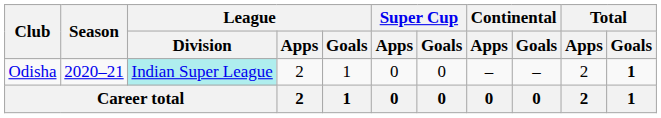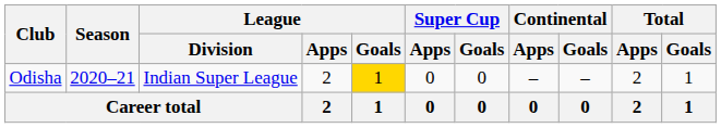 <table class="wikitable" style="text-align: center;">
 <tr>
 <th rowspan="2">Club</th>
 <th rowspan="2">Season</th>
 <th colspan="3">League</th>
 <th colspan="2"><a href='#'>Super Cup</a></th>
 <th colspan="2">Continental</th>
 <th colspan="2">Total</th>
 </tr>
 <tr>
 <th>Division</th>
 <th>Apps</th>
 <th>Goals</th>
 <th>Apps</th>
 <th>Goals</th>
 <th>Apps</th>
 <th>Goals</th>
 <th>Apps</th>
 <th>Goals</th>
 </tr>
 <tr>
 <td rowspan="1"><a href='#'>Odisha</a></td>
 <td><a href='#'>2020–21</a></td>
-<td rowspan="1" style="background: paleturquoise;"><a href='#'>Indian Super League</a></td>
+<td rowspan="1"><a href='#'>Indian Super League</a></td>
 <td>2</td>
-<td>1</td>
+<td style="background: gold;">1</td>
 <td>0</td>
 <td>0</td>
 <td>–</td>
 <td>–</td>
 <td>2</td>
-<td><strong>1</strong></td>
+<td>1</td>
 </tr>
 <tr>
 <th colspan="3">Career total</th>
 <th>2</th>
 <th>1</th>
 <th>0</th>
 <th>0</th>
 <th>0</th>
 <th>0</th>
 <th>2</th>
 <th>1</th>
 </tr>
 </table>
